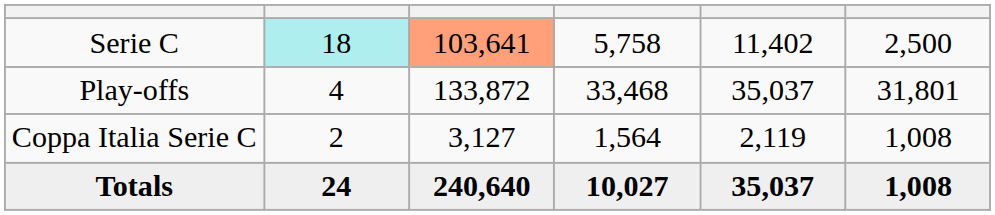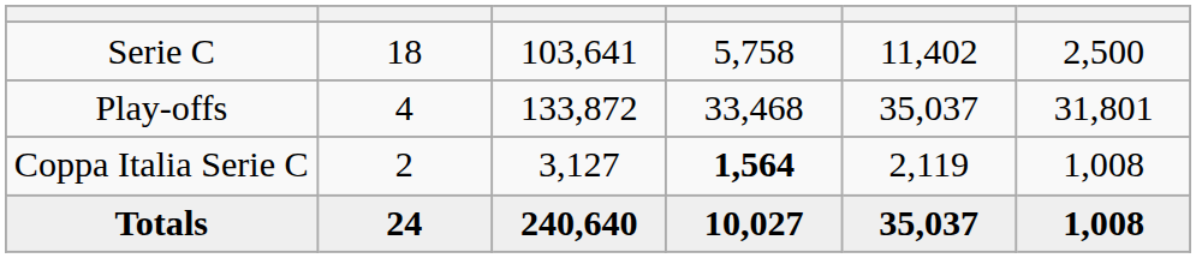 <table class="wikitable" style="text-align: center;">
 <tr>
 <th></th>
 <th style="width:70px;"></th>
 <th style="width:70px;"></th>
 <th style="width:70px;"></th>
 <th style="width:70px;"></th>
 <th style="width:70px;"></th>
 </tr>
 <tr>
 <td align=center>Serie C</td>
-<td style="background: paleturquoise;">18</td>
-<td style="background: lightsalmon;">103,641</td>
+<td>18</td>
+<td>103,641</td>
 <td>5,758</td>
 <td>11,402</td>
 <td>2,500</td>
 </tr>
 <tr>
 <td align=center>Play-offs</td>
 <td>4</td>
 <td>133,872</td>
 <td>33,468</td>
 <td>35,037</td>
 <td>31,801</td>
 </tr>
 <tr>
 <td align=center>Coppa Italia Serie C</td>
 <td>2</td>
 <td>3,127</td>
-<td>1,564</td>
+<td><strong>1,564</strong></td>
 <td>2,119</td>
 <td>1,008</td>
 </tr>
 <tr bgcolor="#EFEFEF">
 <td><strong>Totals</strong></td>
 <td><strong>24</strong></td>
 <td><strong>240,640</strong></td>
 <td><strong>10,027</strong></td>
 <td><strong>35,037</strong></td>
 <td><strong>1,008</strong></td>
 </tr>
 </table>
